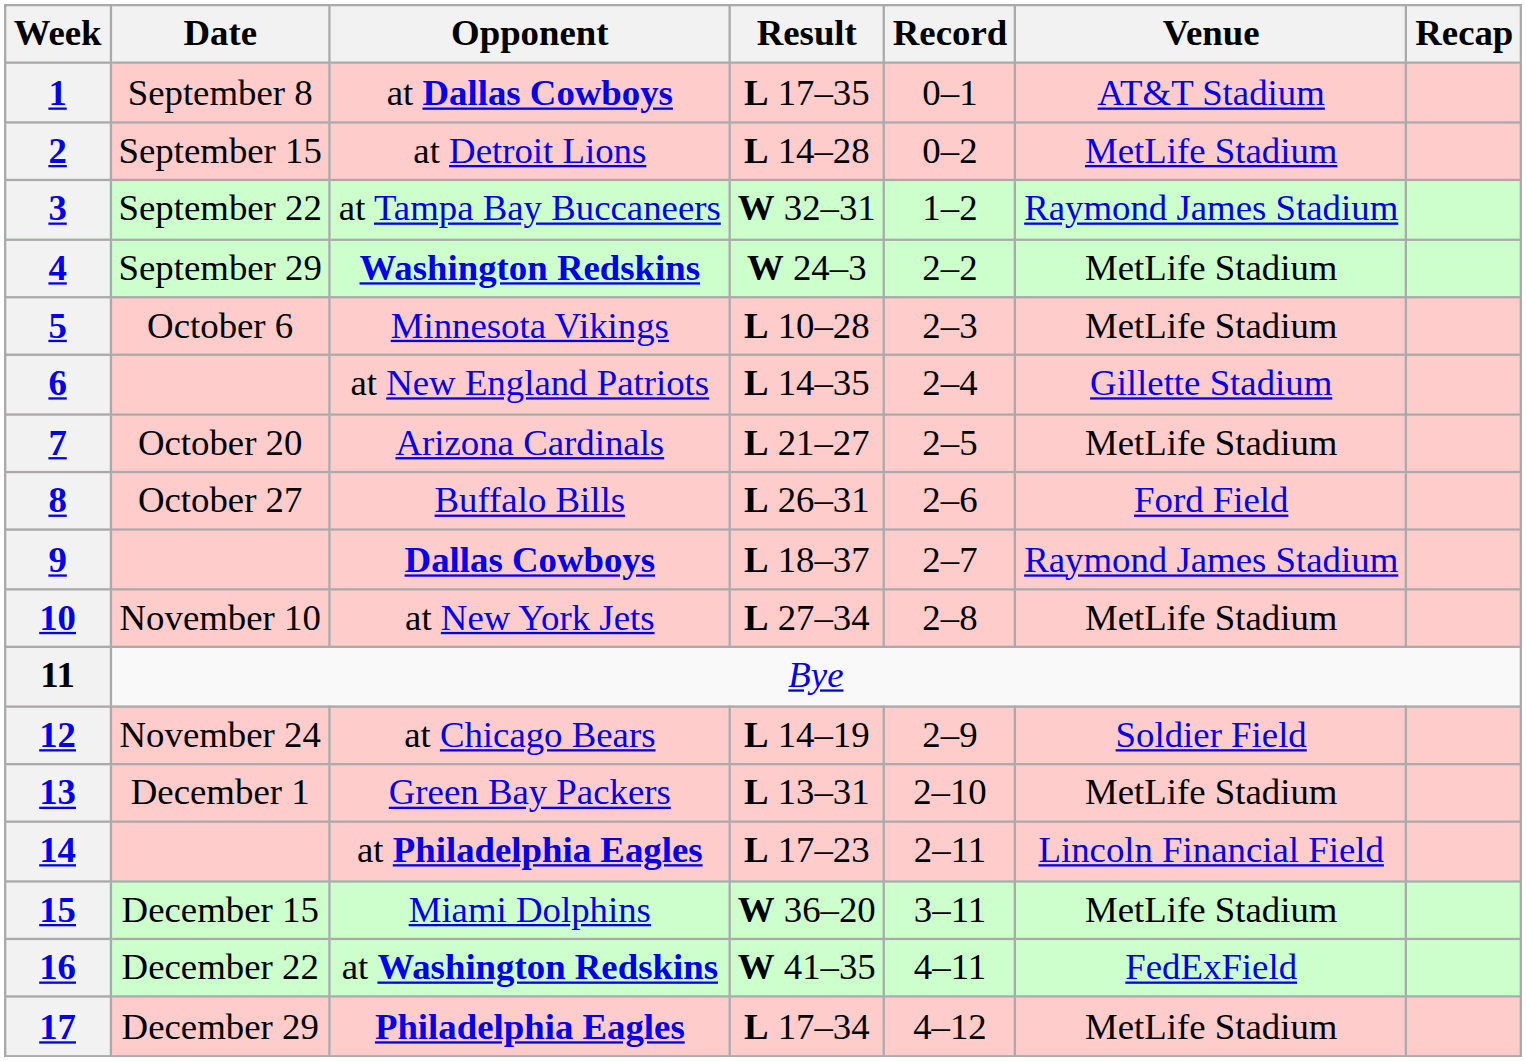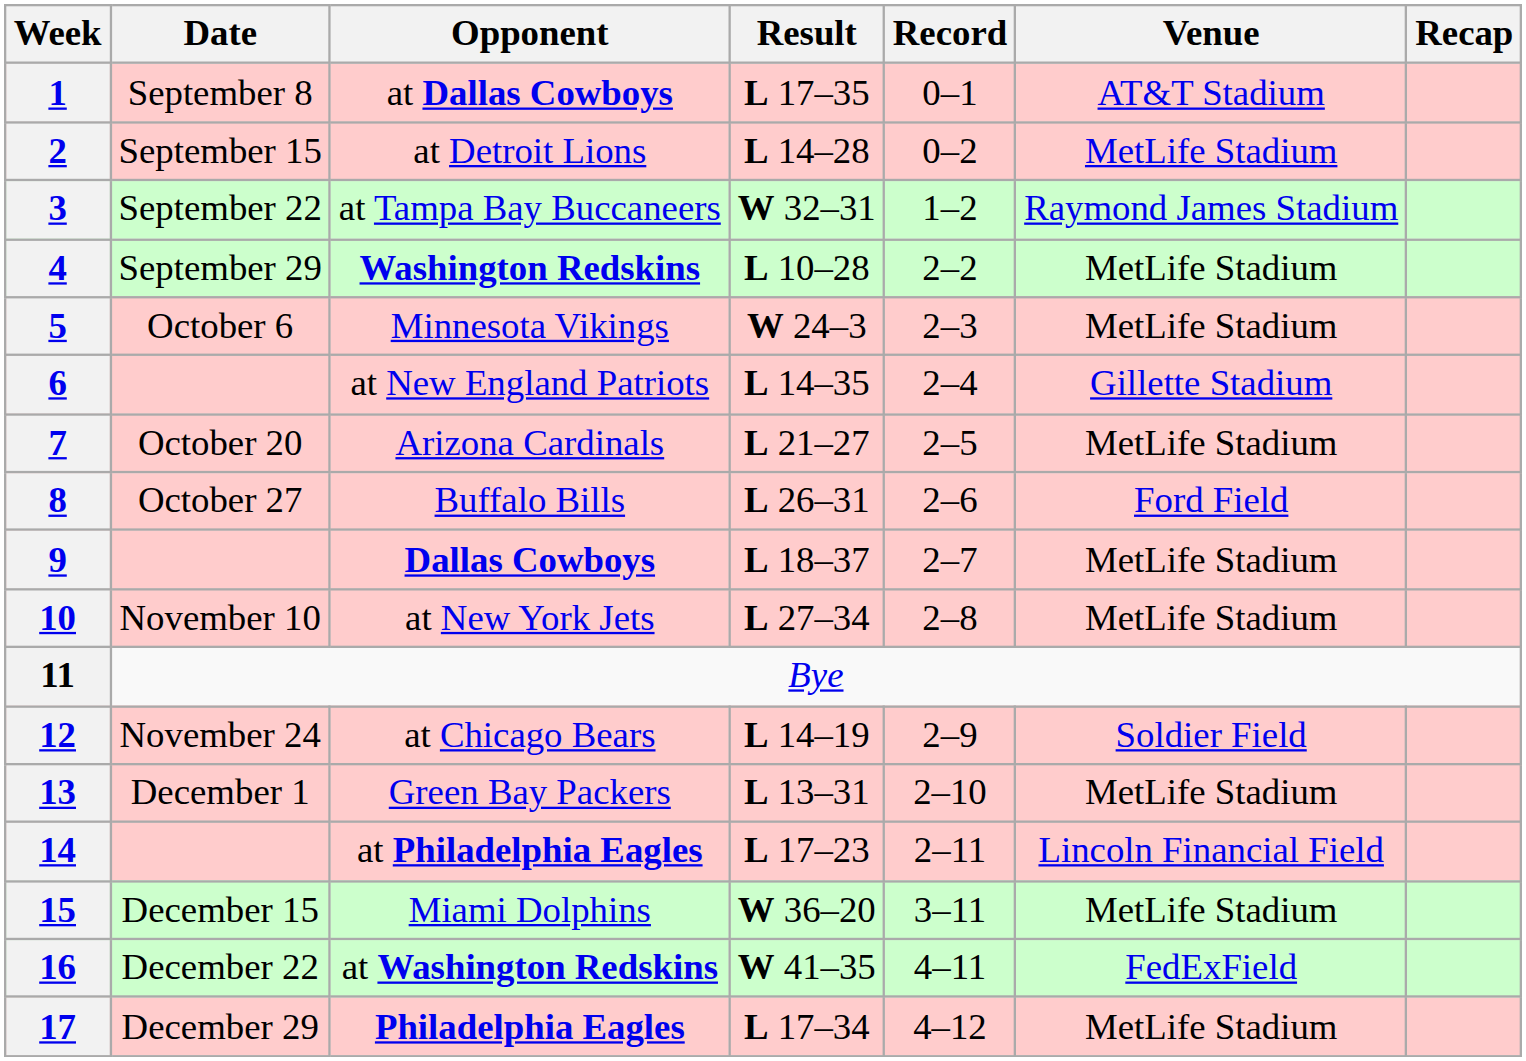 <table class="wikitable" style="text-align:center">
 <tr>
 <th>Week</th>
 <th>Date</th>
 <th>Opponent</th>
 <th>Result</th>
 <th>Record</th>
 <th>Venue</th>
 <th>Recap</th>
 </tr>
 <tr style="background:#fcc">
 <th><a href='#'>1</a></th>
 <td>September 8</td>
 <td>at <strong><a href='#'>Dallas Cowboys</a></strong></td>
 <td><strong>L</strong> 17–35</td>
 <td>0–1</td>
 <td><a href='#'>AT&T Stadium</a></td>
 <td></td>
 </tr>
 <tr style="background:#fcc">
 <th><a href='#'>2</a></th>
 <td>September 15</td>
 <td>at <a href='#'>Detroit Lions</a></td>
 <td><strong>L</strong> 14–28</td>
 <td>0–2</td>
 <td><a href='#'>MetLife Stadium</a></td>
 <td></td>
 </tr>
 <tr style="background:#cfc">
 <th><a href='#'>3</a></th>
 <td>September 22</td>
 <td>at <a href='#'>Tampa Bay Buccaneers</a></td>
 <td><strong>W</strong> 32–31</td>
 <td>1–2</td>
 <td><a href='#'>Raymond James Stadium</a></td>
 <td></td>
 </tr>
 <tr style="background:#cfc">
 <th><a href='#'>4</a></th>
 <td>September 29</td>
 <td><strong><a href='#'>Washington Redskins</a></strong></td>
-<td><strong>W</strong> 24–3</td>
+<td><strong>L</strong> 10–28</td>
 <td>2–2</td>
 <td>MetLife Stadium</td>
 <td></td>
 </tr>
 <tr style="background:#fcc">
 <th><a href='#'>5</a></th>
 <td>October 6</td>
 <td><a href='#'>Minnesota Vikings</a></td>
-<td><strong>L</strong> 10–28</td>
+<td><strong>W</strong> 24–3</td>
 <td>2–3</td>
 <td>MetLife Stadium</td>
 <td></td>
 </tr>
 <tr style="background:#fcc">
 <th><a href='#'>6</a></th>
 <td></td>
 <td>at <a href='#'>New England Patriots</a></td>
 <td><strong>L</strong> 14–35</td>
 <td>2–4</td>
 <td><a href='#'>Gillette Stadium</a></td>
 <td></td>
 </tr>
 <tr style="background:#fcc">
 <th><a href='#'>7</a></th>
 <td>October 20</td>
 <td><a href='#'>Arizona Cardinals</a></td>
 <td><strong>L</strong> 21–27</td>
 <td>2–5</td>
 <td>MetLife Stadium</td>
 <td></td>
 </tr>
 <tr style="background:#fcc">
 <th><a href='#'>8</a></th>
 <td>October 27</td>
 <td><a href='#'>Buffalo Bills</a></td>
 <td><strong>L</strong> 26–31</td>
 <td>2–6</td>
 <td><a href='#'>Ford Field</a></td>
 <td></td>
 </tr>
 <tr style="background:#fcc">
 <th><a href='#'>9</a></th>
 <td></td>
 <td><strong><a href='#'>Dallas Cowboys</a></strong></td>
 <td><strong>L</strong> 18–37</td>
 <td>2–7</td>
-<td><a href='#'>Raymond James Stadium</a></td>
+<td>MetLife Stadium</td>
 <td></td>
 </tr>
 <tr style="background:#fcc">
 <th><a href='#'>10</a></th>
 <td>November 10</td>
 <td>at <a href='#'>New York Jets</a></td>
 <td><strong>L</strong> 27–34</td>
 <td>2–8</td>
 <td>MetLife Stadium</td>
 <td></td>
 </tr>
 <tr>
 <th>11</th>
 <td colspan="6"><em><a href='#'>Bye</a></em></td>
 </tr>
 <tr style="background:#fcc">
 <th><a href='#'>12</a></th>
 <td>November 24</td>
 <td>at <a href='#'>Chicago Bears</a></td>
 <td><strong>L</strong> 14–19</td>
 <td>2–9</td>
 <td><a href='#'>Soldier Field</a></td>
 <td></td>
 </tr>
 <tr style="background:#fcc">
 <th><a href='#'>13</a></th>
 <td>December 1</td>
 <td><a href='#'>Green Bay Packers</a></td>
 <td><strong>L</strong> 13–31</td>
 <td>2–10</td>
 <td>MetLife Stadium</td>
 <td></td>
 </tr>
 <tr style="background:#fcc">
 <th><a href='#'>14</a></th>
 <td></td>
 <td>at <strong><a href='#'>Philadelphia Eagles</a></strong></td>
 <td><strong>L</strong> 17–23 </td>
 <td>2–11</td>
 <td><a href='#'>Lincoln Financial Field</a></td>
 <td></td>
 </tr>
 <tr style="background:#cfc">
 <th><a href='#'>15</a></th>
 <td>December 15</td>
 <td><a href='#'>Miami Dolphins</a></td>
 <td><strong>W</strong> 36–20</td>
 <td>3–11</td>
 <td>MetLife Stadium</td>
 <td></td>
 </tr>
 <tr style="background:#cfc">
 <th><a href='#'>16</a></th>
 <td>December 22</td>
 <td>at <strong><a href='#'>Washington Redskins</a></strong></td>
 <td><strong>W</strong> 41–35 </td>
 <td>4–11</td>
 <td><a href='#'>FedExField</a></td>
 <td></td>
 </tr>
 <tr style="background:#fcc">
 <th><a href='#'>17</a></th>
 <td>December 29</td>
 <td><strong><a href='#'>Philadelphia Eagles</a></strong></td>
 <td><strong>L</strong> 17–34</td>
 <td>4–12</td>
 <td>MetLife Stadium</td>
 <td></td>
 </tr>
 </table>
